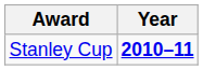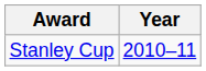 <table class="wikitable">
 <tr>
 <th>Award</th>
 <th>Year</th>
 </tr>
 <tr>
 <td><a href='#'>Stanley Cup</a></td>
-<td><strong><a href='#'>2010–11</a></strong></td>
+<td><a href='#'>2010–11</a></td>
 </tr>
 </table>
